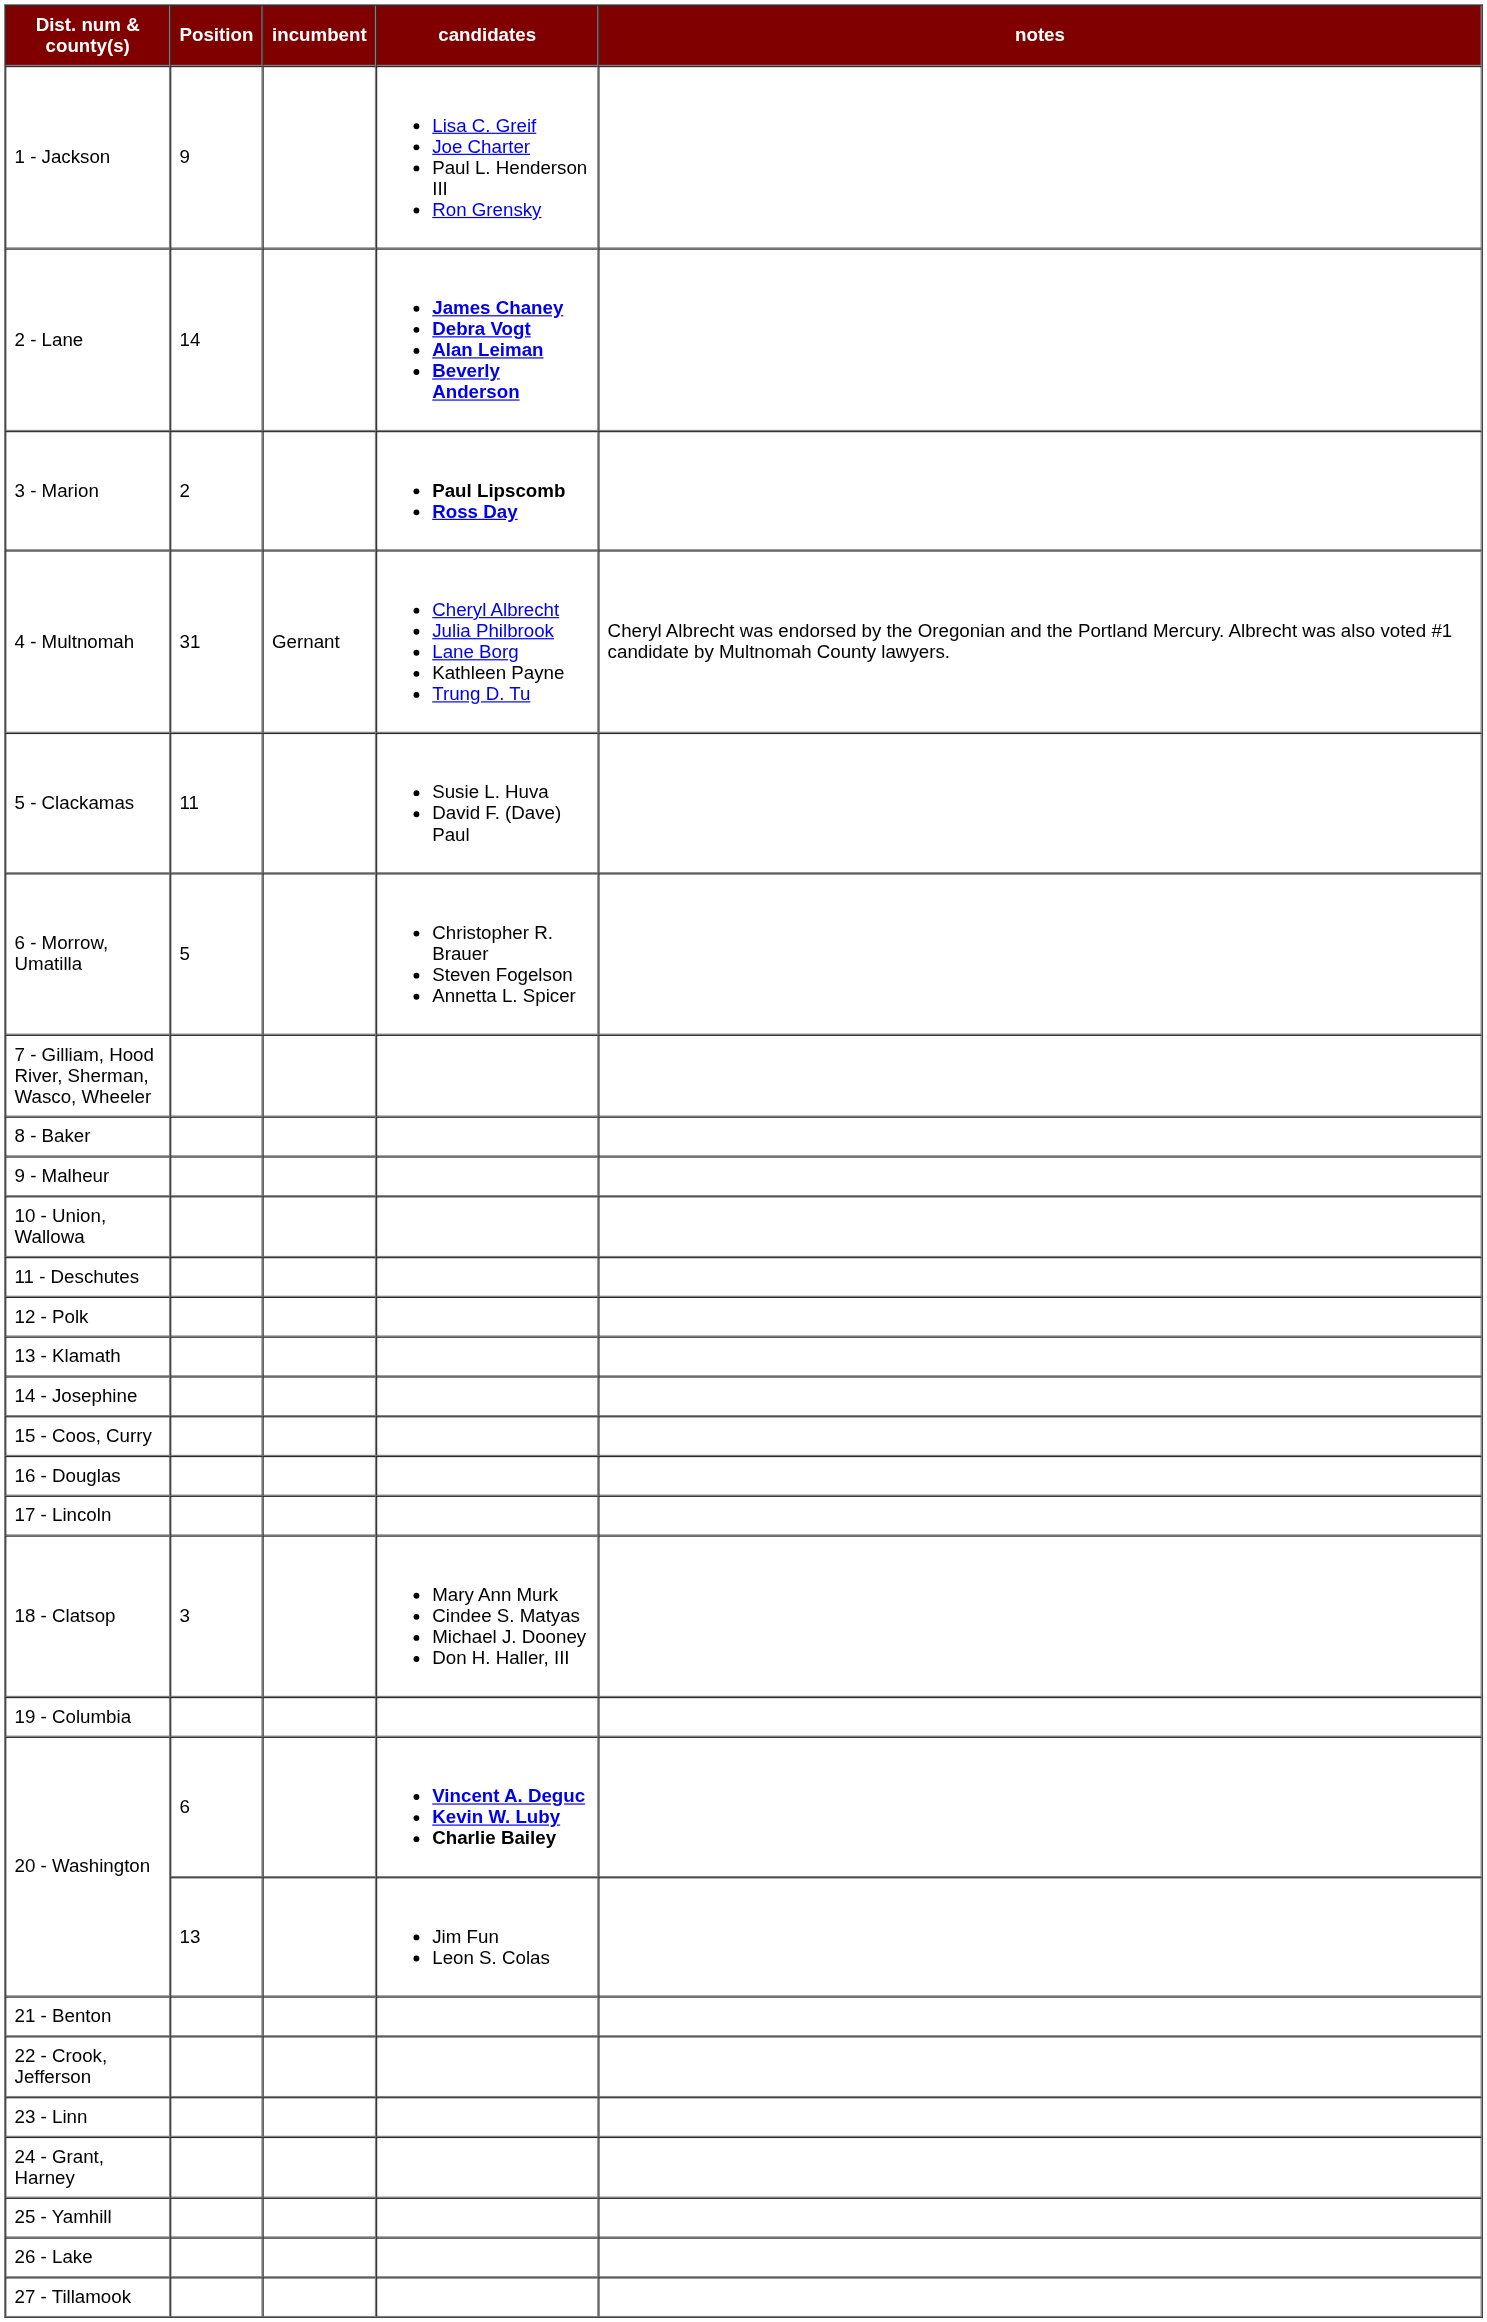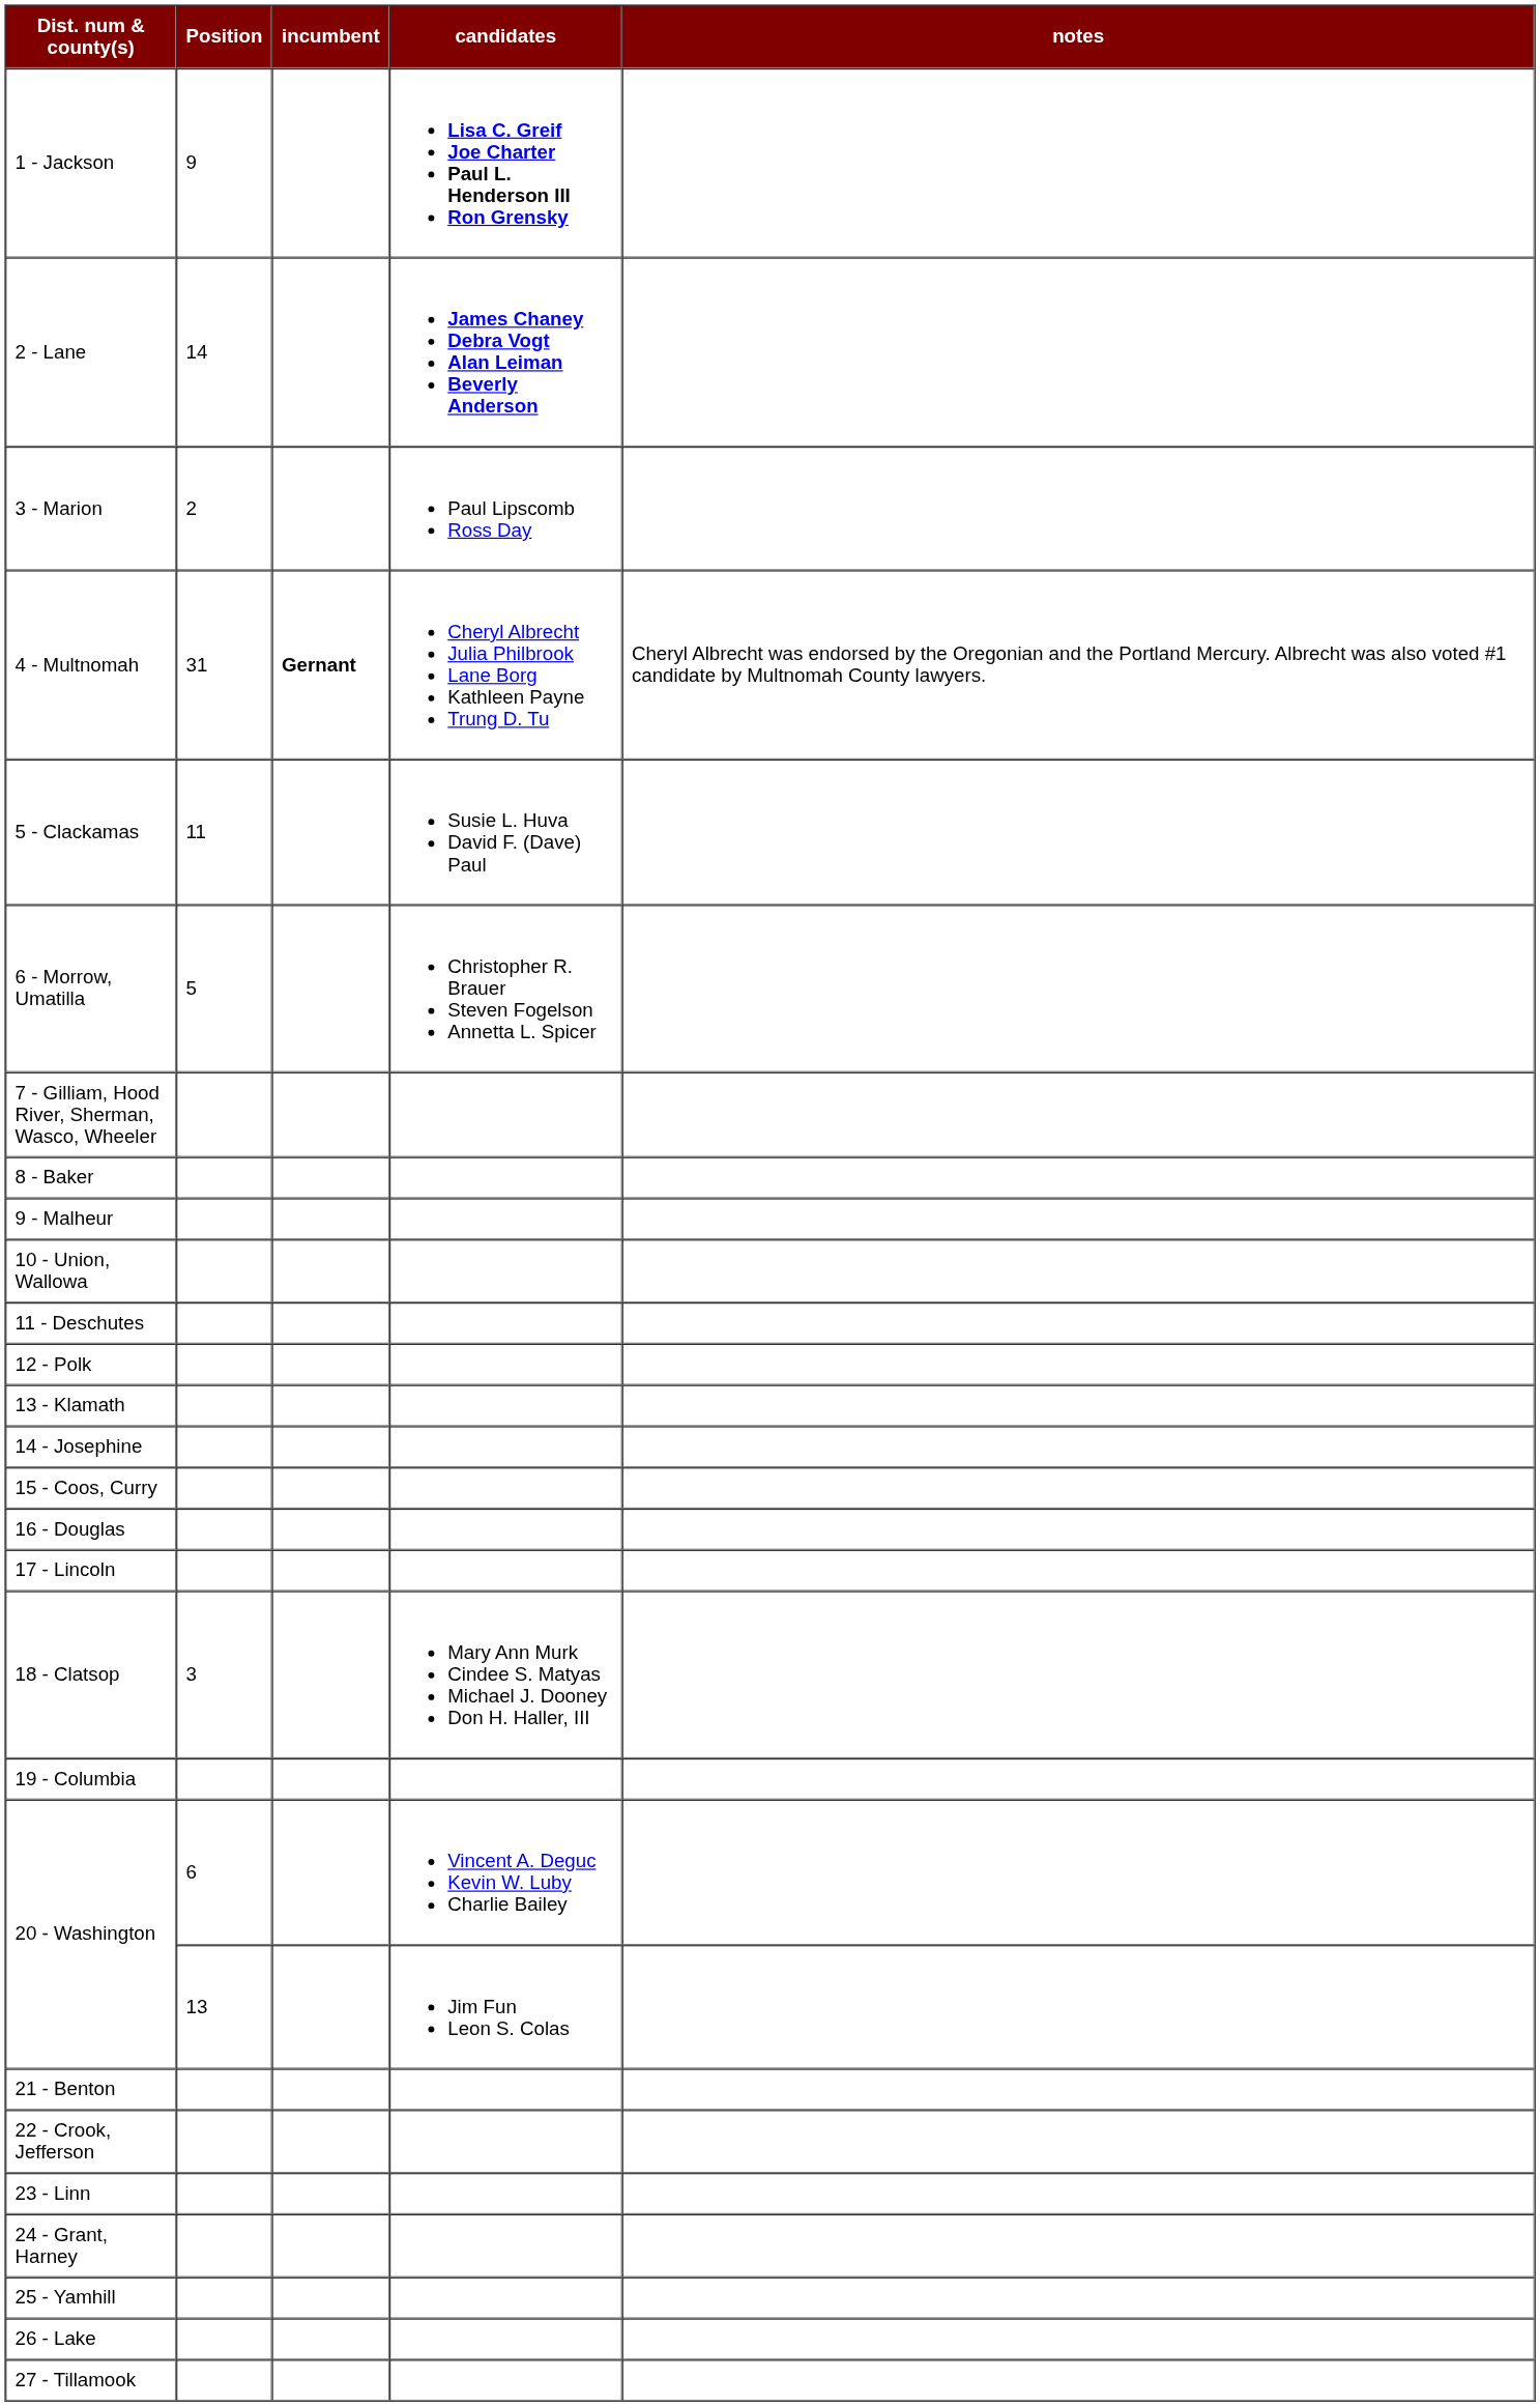 <table border=1 CELLPADDING=7 CELLSPACing=0>
 <tr style="background:maroon; color:white">
 <th width=125>Dist. num & county(s)</th>
 <th>Position</th>
 <th>incumbent</th>
 <th>candidates</th>
 <th>notes</th>
 </tr>
 <tr>
 <td>1 - Jackson</td>
 <td>9</td>
 <td></td>
-<td><br><ul><li><a href='#'>Lisa C. Greif</a></li><li><a href='#'>Joe Charter</a></li><li>Paul L. Henderson III</li><li><a href='#'>Ron Grensky</a></li></ul></td>
+<td><strong><br><ul><li><a href='#'>Lisa C. Greif</a></li><li><a href='#'>Joe Charter</a></li><li>Paul L. Henderson III</li><li><a href='#'>Ron Grensky</a></li></ul></strong></td>
 <td></td>
 </tr>
 <tr>
 <td>2 - Lane</td>
 <td>14</td>
 <td></td>
 <td><strong><br><ul><li><a href='#'>James Chaney</a></li><li><a href='#'>Debra Vogt</a></li><li><a href='#'>Alan Leiman</a></li><li><a href='#'>Beverly Anderson</a></li></ul></strong></td>
 <td></td>
 </tr>
 <tr>
 <td>3 - Marion</td>
 <td>2</td>
 <td></td>
-<td><strong><br><ul><li>Paul Lipscomb</li><li><a href='#'>Ross Day</a></li></ul></strong></td>
+<td><br><ul><li>Paul Lipscomb</li><li><a href='#'>Ross Day</a></li></ul></td>
 <td></td>
 </tr>
 <tr>
 <td>4 - Multnomah</td>
 <td>31</td>
-<td>Gernant</td>
+<td><strong>Gernant</strong></td>
 <td><br><ul><li><a href='#'>Cheryl Albrecht</a></li><li><a href='#'>Julia Philbrook</a></li><li><a href='#'>Lane Borg</a></li><li>Kathleen Payne</li><li><a href='#'>Trung D. Tu</a></li></ul></td>
 <td>Cheryl Albrecht was endorsed by the Oregonian and the Portland Mercury. Albrecht was also voted #1 candidate by Multnomah County lawyers.</td>
 </tr>
 <tr>
 <td>5 - Clackamas</td>
 <td>11</td>
 <td></td>
 <td><br><ul><li>Susie L. Huva</li><li>David F. (Dave) Paul</li></ul></td>
 <td></td>
 </tr>
 <tr>
 <td>6 - Morrow, Umatilla</td>
 <td>5</td>
 <td></td>
 <td><br><ul><li>Christopher R. Brauer</li><li>Steven Fogelson</li><li>Annetta L. Spicer</li></ul></td>
 <td></td>
 </tr>
 <tr>
 <td>7 - Gilliam, Hood River, Sherman, Wasco, Wheeler</td>
 <td></td>
 <td></td>
 <td></td>
 <td></td>
 </tr>
 <tr>
 <td>8 - Baker</td>
 <td></td>
 <td></td>
 <td></td>
 <td></td>
 </tr>
 <tr>
 <td>9 - Malheur</td>
 <td></td>
 <td></td>
 <td></td>
 <td></td>
 </tr>
 <tr>
 <td>10 - Union, Wallowa</td>
 <td></td>
 <td></td>
 <td></td>
 <td></td>
 </tr>
 <tr>
 <td>11 - Deschutes</td>
 <td></td>
 <td></td>
 <td></td>
 <td></td>
 </tr>
 <tr>
 <td>12 - Polk</td>
 <td></td>
 <td></td>
 <td></td>
 <td></td>
 </tr>
 <tr>
 <td>13 - Klamath</td>
 <td></td>
 <td></td>
 <td></td>
 <td></td>
 </tr>
 <tr>
 <td>14 - Josephine</td>
 <td></td>
 <td></td>
 <td></td>
 <td></td>
 </tr>
 <tr>
 <td>15 - Coos, Curry</td>
 <td></td>
 <td></td>
 <td></td>
 <td></td>
 </tr>
 <tr>
 <td>16 - Douglas</td>
 <td></td>
 <td></td>
 <td></td>
 <td></td>
 </tr>
 <tr>
 <td>17 - Lincoln</td>
 <td></td>
 <td></td>
 <td></td>
 <td></td>
 </tr>
 <tr>
 <td>18 - Clatsop</td>
 <td>3</td>
 <td></td>
 <td><br><ul><li>Mary Ann Murk</li><li>Cindee S. Matyas</li><li>Michael J. Dooney</li><li>Don H. Haller, III</li></ul></td>
 <td></td>
 </tr>
 <tr>
 <td>19 - Columbia</td>
 <td></td>
 <td></td>
 <td></td>
 <td></td>
 </tr>
 <tr>
 <td rowspan="2">20 - Washington</td>
 <td>6</td>
 <td></td>
-<td><strong><br><ul><li><a href='#'>Vincent A. Deguc</a></li><li><a href='#'>Kevin W. Luby</a></li><li>Charlie Bailey</li></ul></strong></td>
+<td><br><ul><li><a href='#'>Vincent A. Deguc</a></li><li><a href='#'>Kevin W. Luby</a></li><li>Charlie Bailey</li></ul></td>
 <td></td>
 </tr>
 <tr>
 <td>13</td>
 <td></td>
 <td><br><ul><li>Jim Fun</li><li>Leon S. Colas</li></ul></td>
 <td></td>
 </tr>
 <tr>
 <td>21 - Benton</td>
 <td></td>
 <td></td>
 <td></td>
 <td></td>
 </tr>
 <tr>
 <td>22 - Crook, Jefferson</td>
 <td></td>
 <td></td>
 <td></td>
 <td></td>
 </tr>
 <tr>
 <td>23 - Linn</td>
 <td></td>
 <td></td>
 <td></td>
 <td></td>
 </tr>
 <tr>
 <td>24 - Grant, Harney</td>
 <td></td>
 <td></td>
 <td></td>
 <td></td>
 </tr>
 <tr>
 <td>25 - Yamhill</td>
 <td></td>
 <td></td>
 <td></td>
 <td></td>
 </tr>
 <tr>
 <td>26 - Lake</td>
 <td></td>
 <td></td>
 <td></td>
 <td></td>
 </tr>
 <tr>
 <td>27 - Tillamook</td>
 <td></td>
 <td></td>
 <td></td>
 <td></td>
 </tr>
 </table>
